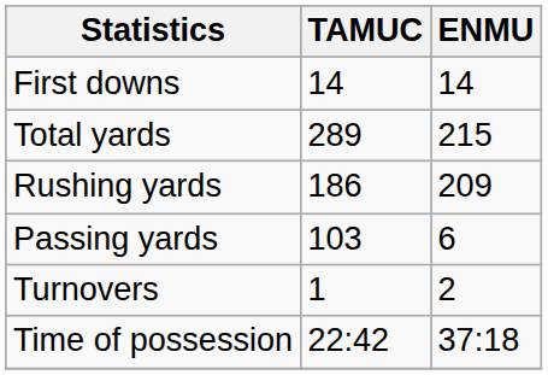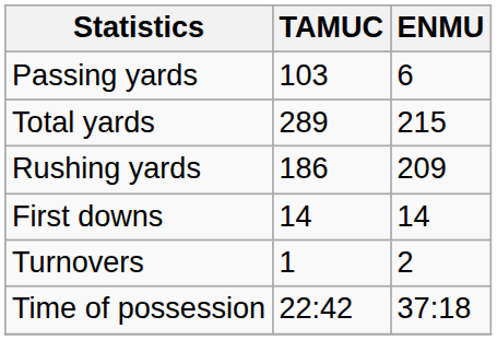 <table class="wikitable" style="float: left;">
 <tr>
 <th>Statistics</th>
 <th>TAMUC</th>
 <th>ENMU</th>
 </tr>
 <tr>
-<td>First downs</td>
-<td>14</td>
-<td>14</td>
+<td>Passing yards</td>
+<td>103</td>
+<td>6</td>
 </tr>
 <tr>
 <td>Total yards</td>
 <td>289</td>
 <td>215</td>
 </tr>
 <tr>
 <td>Rushing yards</td>
 <td>186</td>
 <td>209</td>
 </tr>
 <tr>
-<td>Passing yards</td>
-<td>103</td>
-<td>6</td>
+<td>First downs</td>
+<td>14</td>
+<td>14</td>
 </tr>
 <tr>
 <td>Turnovers</td>
 <td>1</td>
 <td>2</td>
 </tr>
 <tr>
 <td>Time of possession</td>
 <td>22:42</td>
 <td>37:18</td>
 </tr>
 <tr>
 </tr>
 </table>
